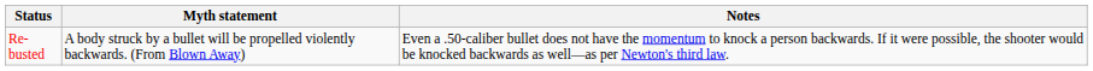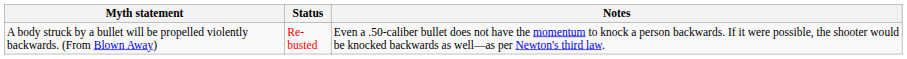 <table class="wikitable plainrowheaders">
 <tr>
+<th>Myth statement</th>
 <th>Status</th>
-<th>Myth statement</th>
 <th>Notes</th>
 </tr>
 <tr>
+<td>A body struck by a bullet will be propelled violently backwards. (From <a href='#'>Blown Away</a>)</td>
 <td style="color:red">Re-busted</td>
-<td>A body struck by a bullet will be propelled violently backwards. (From <a href='#'>Blown Away</a>)</td>
 <td>Even a .50-caliber bullet does not have the <a href='#'>momentum</a> to knock a person backwards. If it were possible, the shooter would be knocked backwards as well—as per <a href='#'>Newton's third law</a>.</td>
 </tr>
 </table>
